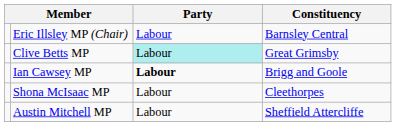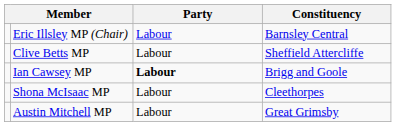 <table class="wikitable">
 <tr>
 <th width="160px" colspan="2">Member</th>
 <th width="160px" colspan="1">Party</th>
 <th width="160px" colspan="2">Constituency</th>
 </tr>
 <tr>
 <td style="color:inherit;background:"></td>
 <td><a href='#'>Eric Illsley</a> MP <em>(Chair)</em></td>
 <td><a href='#'>Labour</a></td>
 <td><a href='#'>Barnsley Central</a></td>
 </tr>
 <tr>
 <td style="color:inherit;background:"></td>
 <td><a href='#'>Clive Betts</a> MP</td>
-<td style="background: paleturquoise;">Labour</td>
-<td><a href='#'>Great Grimsby</a></td>
+<td>Labour</td>
+<td><a href='#'>Sheffield Attercliffe</a></td>
 </tr>
 <tr>
 <td style="color:inherit;background:"></td>
 <td><a href='#'>Ian Cawsey</a> MP</td>
 <td><strong>Labour</strong></td>
 <td><a href='#'>Brigg and Goole</a></td>
 </tr>
 <tr>
 <td style="color:inherit;background:"></td>
 <td><a href='#'>Shona McIsaac</a> MP</td>
 <td>Labour</td>
 <td><a href='#'>Cleethorpes</a></td>
 </tr>
 <tr>
 <td style="color:inherit;background:"></td>
 <td><a href='#'>Austin Mitchell</a> MP</td>
 <td>Labour</td>
-<td><a href='#'>Sheffield Attercliffe</a></td>
+<td><a href='#'>Great Grimsby</a></td>
 </tr>
 </table>
